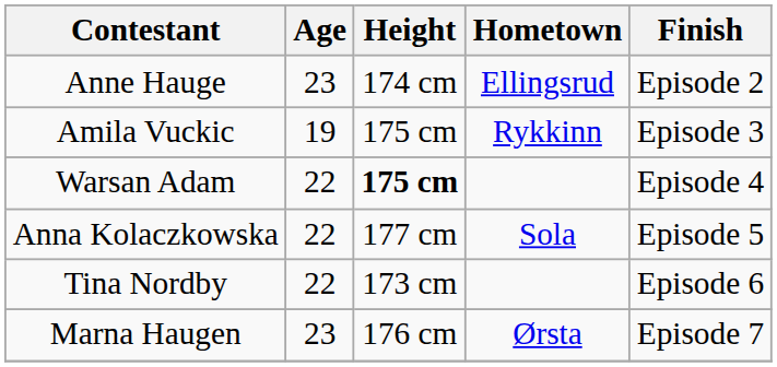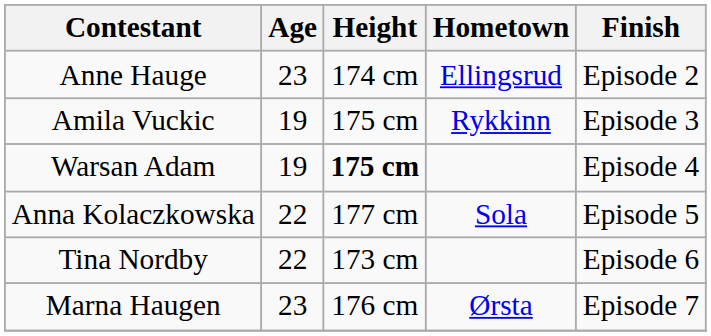 <table class="wikitable" style="text-align:center;">
 <tr>
 <th colspan="1">Contestant</th>
 <th colspan="1">Age</th>
 <th colspan="1">Height</th>
 <th colspan="1">Hometown</th>
 <th>Finish</th>
 </tr>
 <tr>
 <td>Anne Hauge</td>
 <td>23</td>
 <td>174 cm</td>
 <td><a href='#'>Ellingsrud</a></td>
 <td>Episode 2</td>
 </tr>
 <tr>
 <td>Amila Vuckic</td>
 <td>19</td>
 <td>175 cm</td>
 <td><a href='#'>Rykkinn</a></td>
 <td>Episode 3</td>
 </tr>
 <tr>
 <td>Warsan Adam</td>
-<td>22</td>
+<td>19</td>
 <td><strong>175 cm</strong></td>
 <td></td>
 <td>Episode 4</td>
 </tr>
 <tr>
 <td>Anna Kolaczkowska</td>
 <td>22</td>
 <td>177 cm</td>
 <td><a href='#'>Sola</a></td>
 <td>Episode 5</td>
 </tr>
 <tr>
 <td>Tina Nordby</td>
 <td>22</td>
 <td>173 cm</td>
 <td></td>
 <td>Episode 6</td>
 </tr>
 <tr>
 <td>Marna Haugen</td>
 <td>23</td>
 <td>176 cm</td>
 <td><a href='#'>Ørsta</a></td>
 <td>Episode 7</td>
 </tr>
 <tr>
 </tr>
 </table>
